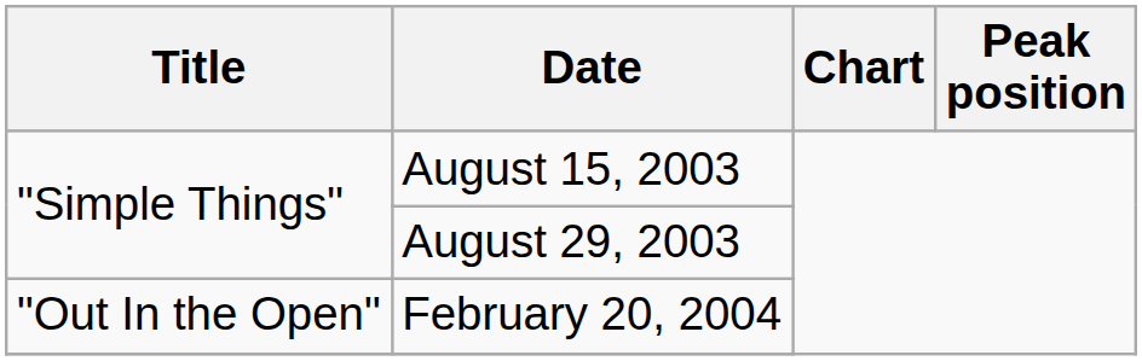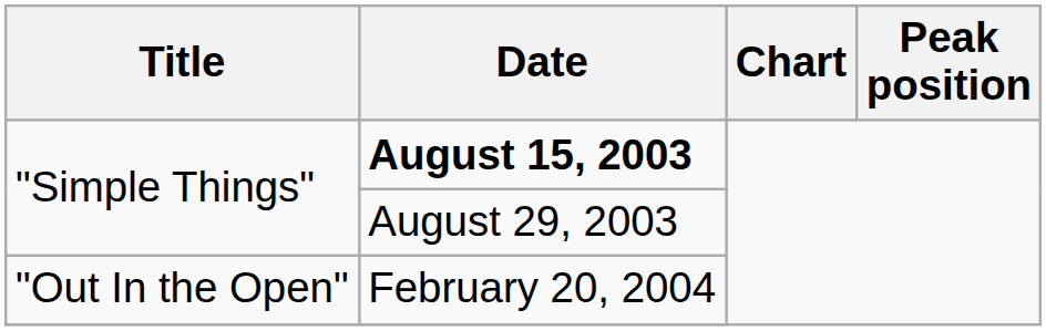 <table class="wikitable">
 <tr>
 <th>Title</th>
 <th>Date</th>
 <th>Chart</th>
 <th>Peak<br>position</th>
 </tr>
 <tr>
 <td rowspan="3">"Simple Things"</td>
-<td>August 15, 2003<br></td>
+<td><strong>August 15, 2003<br></strong></td>
 </tr>
 <tr>
 <td rowspan="2">August 29, 2003<br></td>
 </tr>
 <tr>
 </tr>
 <tr>
 <td rowspan="2">"Out In the Open"</td>
 <td rowspan="2">February 20, 2004<br></td>
 </tr>
 <tr>
 </tr>
 <tr>
 </tr>
 </table>
